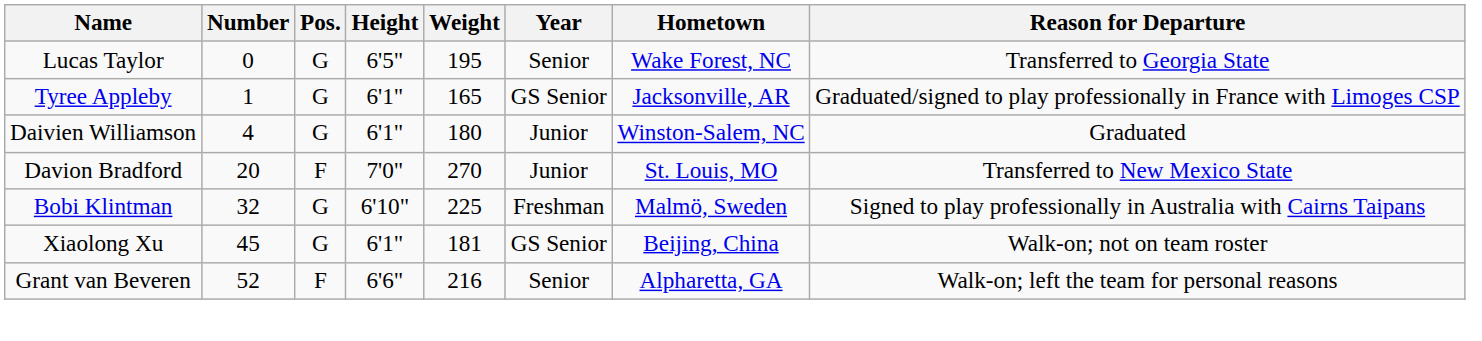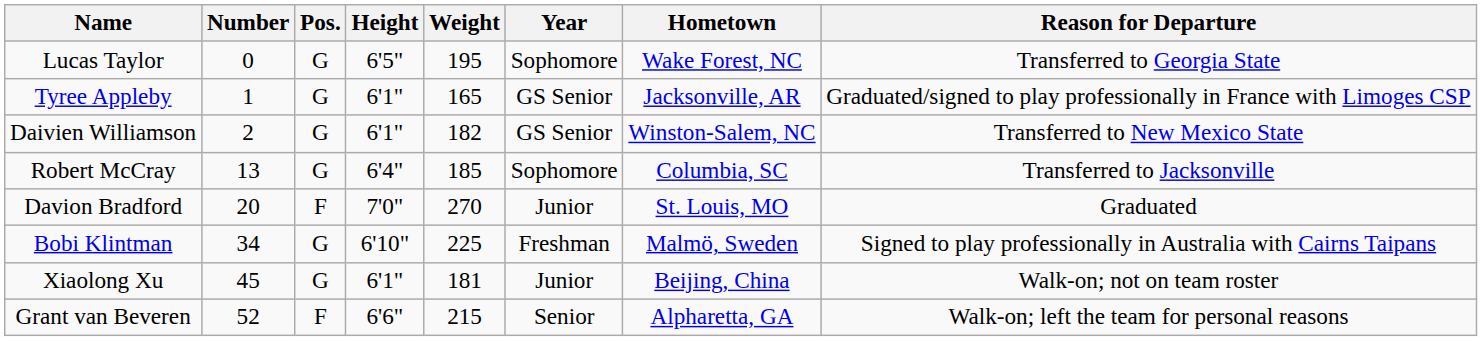 <table class="wikitable sortable" border="1" style=text-align:center;">
 <tr align=center>
 <th>Name</th>
 <th>Number</th>
 <th>Pos.</th>
 <th>Height</th>
 <th>Weight</th>
 <th>Year</th>
 <th>Hometown</th>
 <th>Reason for Departure</th>
 </tr>
 <tr>
 <td>Lucas Taylor</td>
 <td>0</td>
 <td>G</td>
 <td>6'5"</td>
 <td>195</td>
-<td>Senior</td>
+<td>Sophomore</td>
 <td><a href='#'>Wake Forest, NC</a></td>
 <td>Transferred to <a href='#'>Georgia State</a></td>
 </tr>
 <tr>
 <td><a href='#'>Tyree Appleby</a></td>
 <td>1</td>
 <td>G</td>
 <td>6'1"</td>
 <td>165</td>
 <td>GS Senior</td>
 <td><a href='#'>Jacksonville, AR</a></td>
 <td>Graduated/signed to play professionally in France with <a href='#'>Limoges CSP</a></td>
 </tr>
 <tr>
 <td>Daivien Williamson</td>
-<td>4</td>
+<td>2</td>
 <td>G</td>
 <td>6'1"</td>
-<td>180</td>
-<td>Junior</td>
+<td>182</td>
+<td>GS Senior</td>
 <td><a href='#'>Winston-Salem, NC</a></td>
-<td>Graduated</td>
+<td>Transferred to <a href='#'>New Mexico State</a></td>
+</tr>
+<tr>
+<td>Robert McCray</td>
+<td>13</td>
+<td>G</td>
+<td>6'4"</td>
+<td>185</td>
+<td>Sophomore</td>
+<td><a href='#'>Columbia, SC</a></td>
+<td>Transferred to <a href='#'>Jacksonville</a></td>
 </tr>
 <tr>
 <td>Davion Bradford</td>
 <td>20</td>
 <td>F</td>
 <td>7'0"</td>
 <td>270</td>
 <td>Junior</td>
 <td><a href='#'>St. Louis, MO</a></td>
-<td>Transferred to <a href='#'>New Mexico State</a></td>
+<td>Graduated</td>
 </tr>
 <tr>
 <td><a href='#'>Bobi Klintman</a></td>
-<td>32</td>
+<td>34</td>
 <td>G</td>
 <td>6'10"</td>
 <td>225</td>
 <td>Freshman</td>
 <td><a href='#'>Malmö, Sweden</a></td>
 <td>Signed to play professionally in Australia with <a href='#'>Cairns Taipans</a></td>
 </tr>
 <tr>
 <td>Xiaolong Xu</td>
 <td>45</td>
 <td>G</td>
 <td>6'1"</td>
 <td>181</td>
-<td>GS Senior</td>
+<td>Junior</td>
 <td><a href='#'>Beijing, China</a></td>
 <td>Walk-on; not on team roster</td>
 </tr>
 <tr>
 <td>Grant van Beveren</td>
 <td>52</td>
 <td>F</td>
 <td>6'6"</td>
-<td>216</td>
+<td>215</td>
 <td>Senior</td>
 <td><a href='#'>Alpharetta, GA</a></td>
 <td>Walk-on; left the team for personal reasons</td>
 </tr>
 </table>
